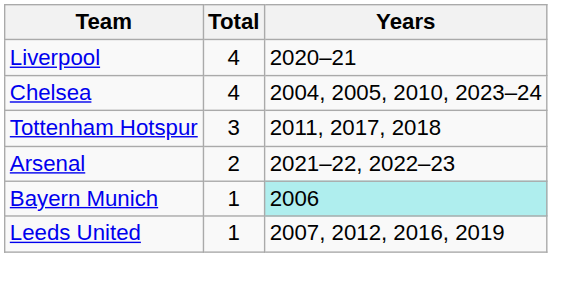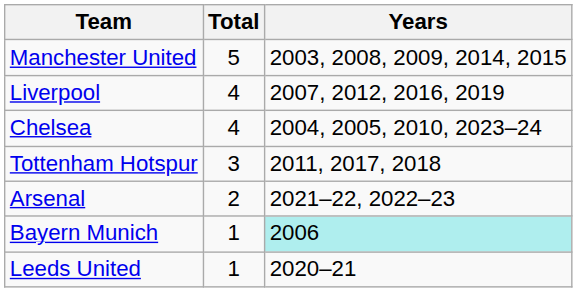 <table class="wikitable">
 <tr>
 <th>Team</th>
 <th>Total</th>
 <th class="unsortable">Years</th>
 </tr>
 <tr>
+<td><a href='#'>Manchester United</a></td>
+<td align=center>5</td>
+<td>2003, 2008, 2009, 2014, 2015</td>
+</tr>
+<tr>
 <td><a href='#'>Liverpool</a></td>
 <td align="center">4</td>
-<td>2020–21</td>
+<td>2007, 2012, 2016, 2019</td>
 </tr>
 <tr>
 <td><a href='#'>Chelsea</a></td>
 <td align=center>4</td>
 <td>2004, 2005, 2010, 2023–24</td>
 </tr>
 <tr>
 <td><a href='#'>Tottenham Hotspur</a></td>
 <td align=center>3</td>
 <td>2011, 2017, 2018</td>
 </tr>
 <tr>
 <td><a href='#'>Arsenal</a></td>
 <td align=center>2</td>
 <td>2021–22, 2022–23</td>
 </tr>
 <tr>
 <td><a href='#'>Bayern Munich</a></td>
 <td align=center>1</td>
 <td style="background: paleturquoise;">2006</td>
 </tr>
 <tr>
 <td><a href='#'>Leeds United</a></td>
 <td align=center>1</td>
-<td>2007, 2012, 2016, 2019</td>
+<td>2020–21</td>
 </tr>
 </table>
